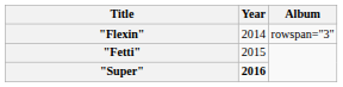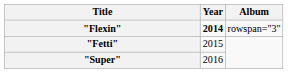 <table class="wikitable plainrowheaders" style="text-align:center;">
 <tr>
 <th scope="col" style="width:19em;">Title</th>
 <th scope="col">Year</th>
 <th scope="col">Album</th>
 </tr>
 <tr>
 <th scope="row">"Flexin"<br></th>
-<td>2014</td>
+<td><strong>2014</strong></td>
 <td>rowspan="3" </td>
 </tr>
 <tr>
 <th scope="row">"Fetti"<br></th>
 <td>2015</td>
 </tr>
 <tr>
 <th scope="row">"Super"<br></th>
-<td><strong>2016</strong></td>
+<td>2016</td>
 </tr>
 </table>
